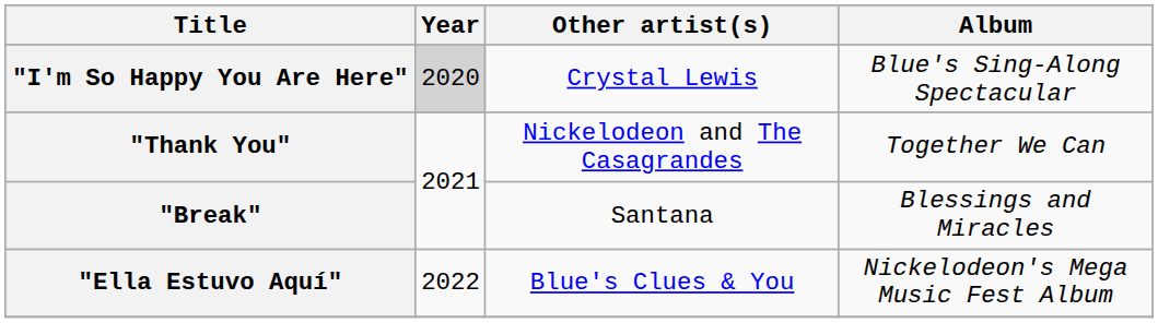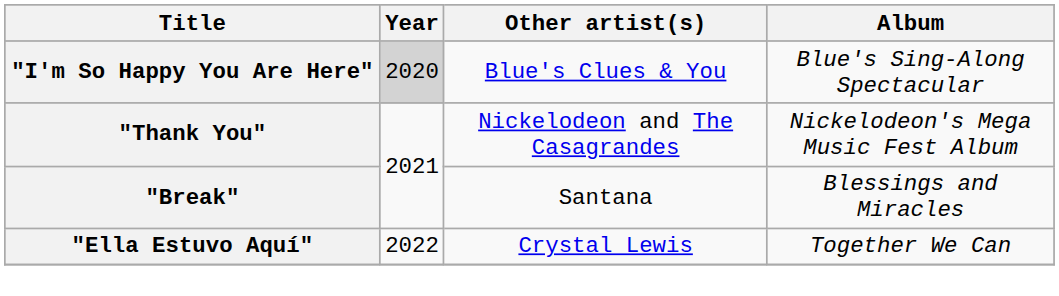 <table class="wikitable plainrowheaders" style="text-align:center;">
 <tr>
 <th scope="col" style="width:18em;">Title</th>
 <th scope="col">Year</th>
 <th scope="col" style="width:15em;">Other artist(s)</th>
 <th scope="col" style="width:13em;">Album</th>
 </tr>
 <tr>
 <th scope="row">"I'm So Happy You Are Here"</th>
 <td style="background: lightgrey;">2020</td>
-<td><a href='#'>Crystal Lewis</a></td>
+<td><a href='#'>Blue's Clues & You</a></td>
 <td><em>Blue's Sing-Along Spectacular</em></td>
 </tr>
 <tr>
 <th scope="row">"Thank You"</th>
 <td rowspan="2">2021</td>
 <td><a href='#'>Nickelodeon</a> and <a href='#'>The Casagrandes</a></td>
-<td><em>Together We Can</em></td>
+<td><em>Nickelodeon's Mega Music Fest Album</em></td>
 </tr>
 <tr>
 <th scope="row">"Break"</th>
 <td>Santana</td>
 <td><em>Blessings and Miracles</em></td>
 </tr>
 <tr>
 <th scope="row">"Ella Estuvo Aquí"</th>
 <td>2022</td>
-<td><a href='#'>Blue's Clues & You</a></td>
-<td><em>Nickelodeon's Mega Music Fest Album</em></td>
+<td><a href='#'>Crystal Lewis</a></td>
+<td><em>Together We Can</em></td>
 </tr>
 <tr>
 </tr>
 </table>
